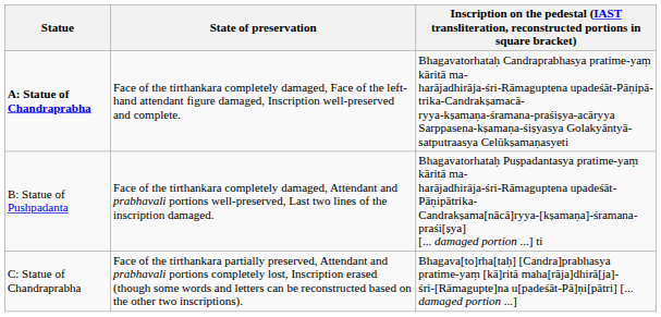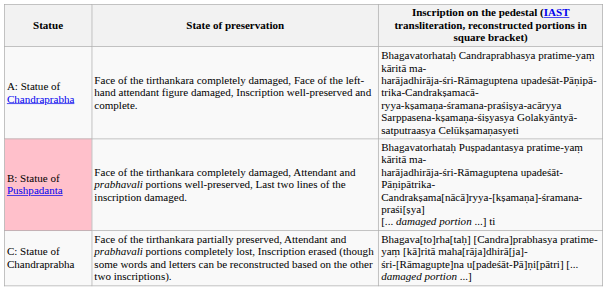 <table class="wikitable">
 <tr>
 <th>Statue</th>
 <th>State of preservation</th>
 <th>Inscription on the pedestal (<a href='#'>IAST</a> transliteration, reconstructed portions in square bracket)</th>
 </tr>
 <tr>
-<td><strong>A: Statue of <a href='#'>Chandraprabha</a></strong></td>
+<td>A: Statue of <a href='#'>Chandraprabha</a></td>
 <td>Face of the tirthankara completely damaged, Face of the left-hand attendant figure damaged, Inscription well-preserved and complete.</td>
 <td>Bhagavatorhataḥ Candraprabhasya pratime-yaṃ kāritā ma-<br>harājadhirāja-śri-Rāmaguptena upadeśāt-Pāṇipā-<br>trika-Candrakṣamacā-<br>ryya-kṣamaṇa-śramana-praśiṣya-acāryya Sarppasena-kṣamaṇa-śiṣyasya Golakyāntyā-satputraasya Celūkṣamaṇasyeti</td>
 </tr>
 <tr>
-<td>B: Statue of <a href='#'>Pushpadanta</a></td>
+<td style="background: pink;">B: Statue of <a href='#'>Pushpadanta</a></td>
 <td>Face of the tirthankara completely damaged, Attendant and <em>prabhavali</em> portions well-preserved, Last two lines of the inscription damaged.</td>
 <td>Bhagavatorhataḥ Puṣpadantasya pratime-yaṃ kāritā ma-<br>harājadhirāja-śri-Rāmaguptena upadeśāt-Pāṇipātrika-<br>Candrakṣama[nācā]ryya-[kṣamaṇa]-śramana-praśi[ṣya]<br> [... <em>damaged portion</em> ...] ti</td>
 </tr>
 <tr>
 <td>C: Statue of Chandraprabha</td>
 <td>Face of the tirthankara partially preserved, Attendant and <em>prabhavali</em> portions completely lost, Inscription erased (though some words and letters can be reconstructed based on the other two inscriptions).</td>
 <td>Bhagava[to]rha[taḥ] [Candra]prabhasya pratime-yaṃ [kā]ritā maha[rāja]dhirā[ja]-<br>śri-[Rāmagupte]na u[padeśāt-Pā]ṇi[pātri] [... <em>damaged portion</em> ...]<br></td>
 </tr>
 </table>
